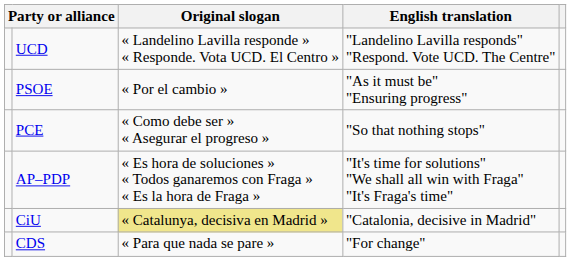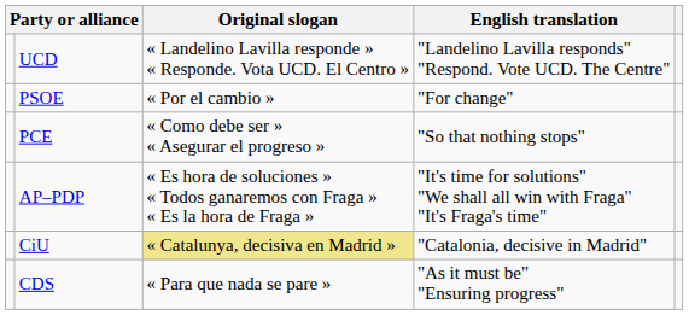 <table class="wikitable" style="text-align:left;">
 <tr>
 <th style="text-align:left;" colspan="2">Party or alliance</th>
 <th>Original slogan</th>
 <th>English translation</th>
 <th></th>
 </tr>
 <tr>
 <td width="1" style="color:inherit;background:"></td>
 <td><a href='#'>UCD</a></td>
 <td>« Landelino Lavilla responde »<br>« Responde. Vota UCD. El Centro »</td>
 <td>"Landelino Lavilla responds"<br>"Respond. Vote UCD. The Centre"</td>
 <td></td>
 </tr>
 <tr>
 <td style="color:inherit;background:"></td>
 <td><a href='#'>PSOE</a></td>
 <td>« Por el cambio »</td>
-<td>"As it must be"<br>"Ensuring progress"</td>
+<td>"For change"</td>
 <td></td>
 </tr>
 <tr>
 <td style="color:inherit;background:"></td>
 <td><a href='#'>PCE</a></td>
 <td>« Como debe ser »<br>« Asegurar el progreso »</td>
 <td>"So that nothing stops"</td>
 <td></td>
 </tr>
 <tr>
 <td style="color:inherit;background:"></td>
 <td><a href='#'>AP–PDP</a></td>
 <td>« Es hora de soluciones »<br>« Todos ganaremos con Fraga »<br>« Es la hora de Fraga »</td>
 <td>"It's time for solutions"<br>"We shall all win with Fraga"<br>"It's Fraga's time"</td>
 <td></td>
 </tr>
 <tr>
 <td style="color:inherit;background:"></td>
 <td><a href='#'>CiU</a></td>
 <td style="background: khaki;">« Catalunya, decisiva en Madrid »</td>
 <td>"Catalonia, decisive in Madrid"</td>
 <td></td>
 </tr>
 <tr>
 <td style="color:inherit;background:"></td>
 <td><a href='#'>CDS</a></td>
 <td>« Para que nada se pare »</td>
-<td>"For change"</td>
+<td>"As it must be"<br>"Ensuring progress"</td>
 <td></td>
 </tr>
 </table>
